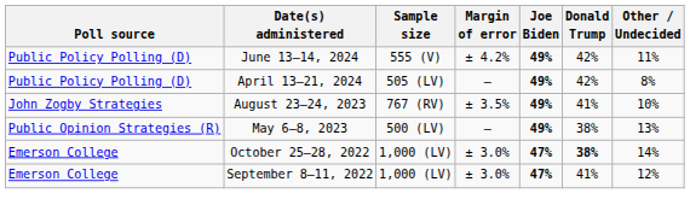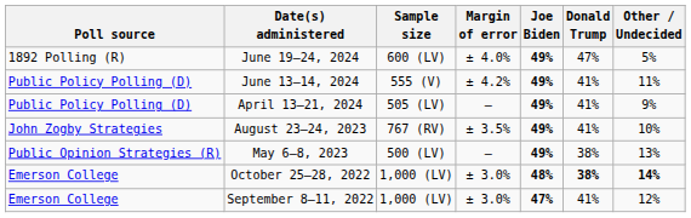 <table class="wikitable sortable mw-datatable" style="font-size:90%;text-align:center;line-height:17px">
 <tr valign=bottom>
 <th>Poll source</th>
 <th>Date(s)<br>administered</th>
 <th>Sample<br>size</th>
 <th>Margin<br>of error</th>
 <th class="unsortable">Joe<br>Biden<br></th>
 <th class="unsortable">Donald<br>Trump<br></th>
 <th class="unsortable">Other /<br>Undecided</th>
 </tr>
 <tr>
+<td style="text-align:left;">1892 Polling (R)</td>
+<td data-sort-value="2024-06-24">June 19–24, 2024</td>
+<td>600 (LV)</td>
+<td>± 4.0%</td>
+<td style="color:black;background-color:"><strong>49%</strong></td>
+<td>47%</td>
+<td>5%</td>
+</tr>
+<tr>
 <td style="text-align:left;"><a href='#'>Public Policy Polling (D)</a></td>
 <td data-sort-value="2024-06-14">June 13–14, 2024</td>
 <td>555 (V)</td>
 <td>± 4.2%</td>
 <td style="color:black;background-color:"><strong>49%</strong></td>
-<td>42%</td>
+<td>41%</td>
 <td>11%</td>
 </tr>
 <tr>
 <td style="text-align:left;"><a href='#'>Public Policy Polling (D)</a></td>
 <td data-sort-value="2024-05-01">April 13–21, 2024</td>
 <td>505 (LV)</td>
 <td>–</td>
 <td style="color:black;background-color:"><strong>49%</strong></td>
-<td>42%</td>
-<td>8%</td>
+<td>41%</td>
+<td>9%</td>
 </tr>
 <tr>
 <td style="text-align:left;"><a href='#'>John Zogby Strategies</a></td>
 <td data-sort-value="2023-08-28">August 23–24, 2023</td>
 <td>767 (RV)</td>
 <td>± 3.5%</td>
 <td style="color:black;background-color:"><strong>49%</strong></td>
 <td>41%</td>
 <td>10%</td>
 </tr>
 <tr>
 <td style="text-align:left;"><a href='#'>Public Opinion Strategies (R)</a></td>
 <td data-sort-value="2023-05-08">May 6–8, 2023</td>
 <td>500 (LV)</td>
 <td>–</td>
 <td style="color:black;background-color:"><strong>49%</strong></td>
 <td>38%</td>
 <td>13%</td>
 </tr>
 <tr>
 <td style="text-align:left;"><a href='#'>Emerson College</a></td>
 <td data-sort-value="2022-10-28">October 25–28, 2022</td>
 <td>1,000 (LV)</td>
 <td>± 3.0%</td>
-<td style="color:black;background-color:"><strong>47%</strong></td>
+<td style="color:black;background-color:"><strong>48%</strong></td>
 <td><strong>38%</strong></td>
-<td>14%</td>
+<td><strong>14%</strong></td>
 </tr>
 <tr>
 <td style="text-align:left;"><a href='#'>Emerson College</a></td>
 <td data-sort-value="2022-09-11">September 8–11, 2022</td>
 <td>1,000 (LV)</td>
 <td>± 3.0%</td>
 <td style="color:black;background-color:"><strong>47%</strong></td>
 <td>41%</td>
 <td>12%</td>
 </tr>
 </table>
